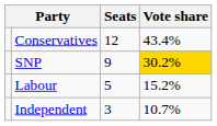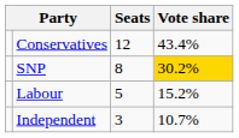 <table class="wikitable">
 <tr>
 <th span="col" colspan="2">Party</th>
 <th span="col">Seats</th>
 <th span="col">Vote share</th>
 </tr>
 <tr>
 <td style="background-color: "></td>
 <td span="row"><a href='#'>Conservatives</a></td>
 <td>12</td>
 <td>43.4%</td>
 </tr>
 <tr>
 <td style="background-color: "></td>
 <td span="row"><a href='#'>SNP</a></td>
-<td>9</td>
+<td>8</td>
 <td style="background: gold;">30.2%</td>
 </tr>
 <tr>
 <td style="background-color: "></td>
 <td span="row"><a href='#'>Labour</a></td>
 <td>5</td>
 <td>15.2%</td>
 </tr>
 <tr>
 <td style="background-color: "></td>
 <td span="row"><a href='#'>Independent</a></td>
 <td>3</td>
 <td>10.7%</td>
 </tr>
 </table>
